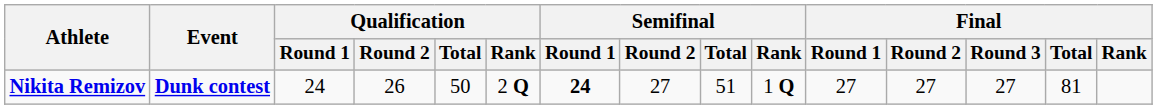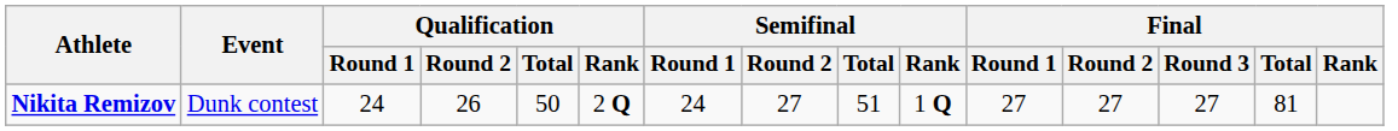 <table class="wikitable" style="text-align:center;font-size:90%">
 <tr>
 <th rowspan=2>Athlete</th>
 <th rowspan=2>Event</th>
 <th colspan=4>Qualification</th>
 <th colspan=4>Semifinal</th>
 <th colspan=5>Final</th>
 </tr>
 <tr style="font-size:95%">
 <th>Round 1</th>
 <th>Round 2</th>
 <th>Total</th>
 <th>Rank</th>
 <th>Round 1</th>
 <th>Round 2</th>
 <th>Total</th>
 <th>Rank</th>
 <th>Round 1</th>
 <th>Round 2</th>
 <th>Round 3</th>
 <th>Total</th>
 <th>Rank</th>
 </tr>
 <tr>
 <td align=left><strong><a href='#'>Nikita Remizov</a></strong></td>
-<td align=left><strong><a href='#'>Dunk contest</a></strong></td>
+<td align=left><a href='#'>Dunk contest</a></td>
 <td>24</td>
 <td>26</td>
 <td>50</td>
 <td>2 <strong>Q</strong></td>
-<td><strong>24</strong></td>
+<td>24</td>
 <td>27</td>
 <td>51</td>
 <td>1 <strong>Q</strong></td>
 <td>27</td>
 <td>27</td>
 <td>27</td>
 <td>81</td>
 <td></td>
 </tr>
 </table>
